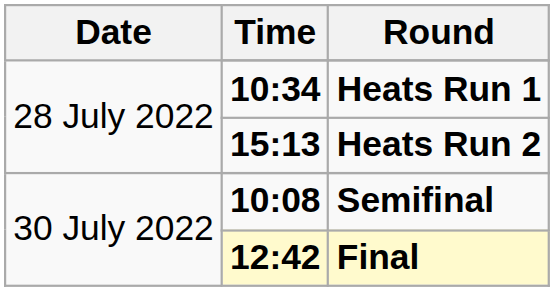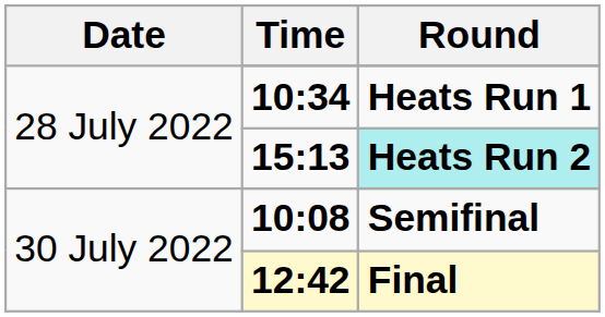 <table class="wikitable">
 <tr>
 <th>Date</th>
 <th>Time</th>
 <th>Round</th>
 </tr>
 <tr>
 <td rowspan=3>28 July 2022</td>
 </tr>
 <tr>
 <td><strong>10:34</strong></td>
 <td><strong>Heats Run 1</strong></td>
 </tr>
 <tr>
 <td><strong>15:13</strong></td>
-<td><strong>Heats Run 2</strong></td>
+<td style="background: paleturquoise;"><strong>Heats Run 2</strong></td>
 </tr>
 <tr>
 <td rowspan=3>30 July 2022</td>
 </tr>
 <tr>
 <td><strong>10:08</strong></td>
 <td><strong>Semifinal</strong></td>
 </tr>
 <tr style=background:lemonchiffon>
 <td><strong>12:42</strong></td>
 <td><strong>Final</strong></td>
 </tr>
 </table>
